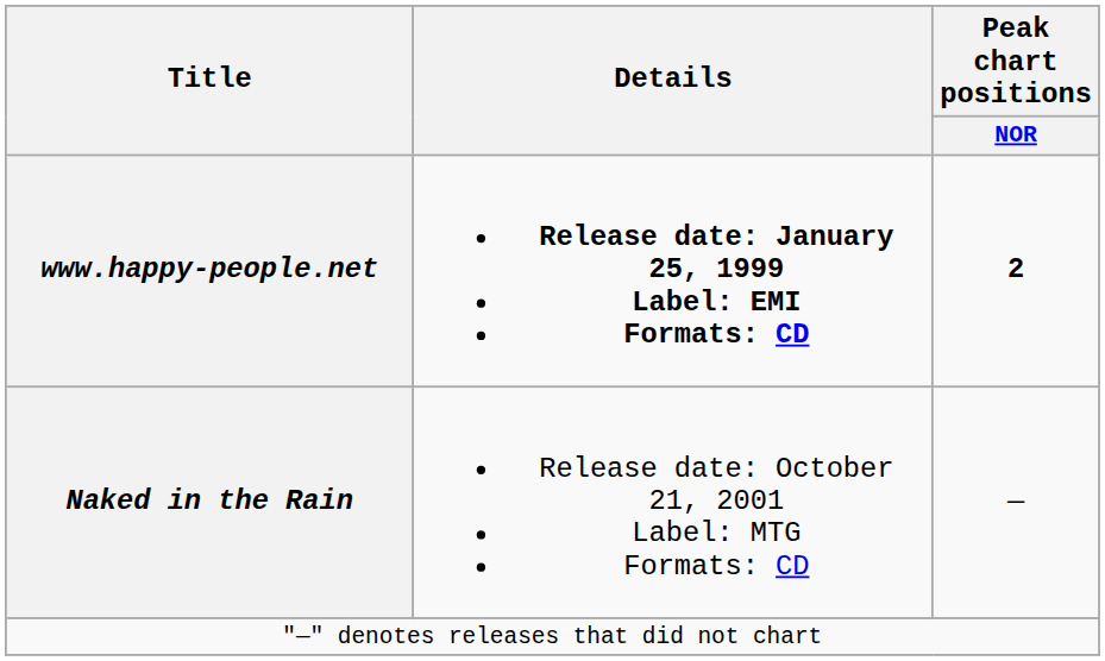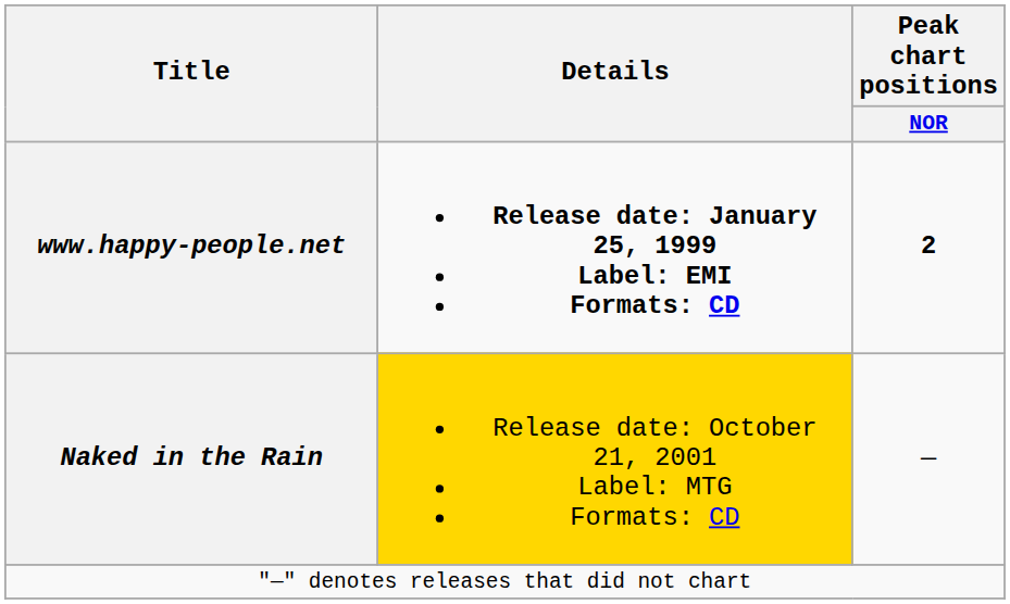 <table class="wikitable plainrowheaders" style="text-align:center;">
 <tr>
 <th rowspan="2" style="width:14em;">Title</th>
 <th rowspan="2" style="width:18em;">Details</th>
 <th colspan="1">Peak chart positions</th>
 </tr>
 <tr style="font-size:smaller;">
 <th style="width:45px;"><a href='#'>NOR</a></th>
 </tr>
 <tr>
 <th scope="row"><em>www.happy-people.net</em></th>
 <td><strong><br><ul><li>Release date: January 25, 1999</li><li>Label: EMI</li><li>Formats: <a href='#'>CD</a></li></ul></strong></td>
 <td><strong>2</strong></td>
 </tr>
 <tr>
 <th scope="row"><em>Naked in the Rain</em></th>
-<td><br><ul><li>Release date: October 21, 2001</li><li>Label: MTG</li><li>Formats: <a href='#'>CD</a></li></ul></td>
+<td style="background: gold;"><br><ul><li>Release date: October 21, 2001</li><li>Label: MTG</li><li>Formats: <a href='#'>CD</a></li></ul></td>
 <td>—</td>
 </tr>
 <tr>
 <td colspan="15" style="font-size:8pt">"—" denotes releases that did not chart</td>
 </tr>
 </table>
